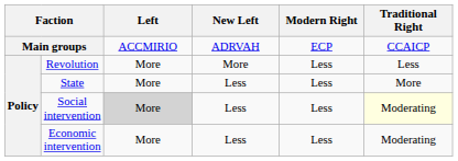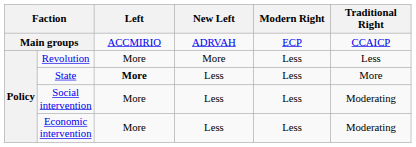 <table class="wikitable" style="text-align:center;">
 <tr>
 <th colspan=2>Faction</th>
 <th width="120px">Left</th>
 <th width="120px">New Left</th>
 <th width="120px">Modern Right</th>
 <th width="120px">Traditional Right</th>
 </tr>
 <tr>
 <th colspan=2>Main groups</th>
 <td><a href='#'>ACC</a><a href='#'>MIRIO</a></td>
 <td><a href='#'>ADRV</a><a href='#'>AH</a></td>
 <td><a href='#'>ECP</a></td>
 <td><a href='#'>CCA</a><a href='#'>ICP</a></td>
 </tr>
 <tr>
 <th rowspan=4>Policy</th>
 <td><a href='#'>Revolution</a></td>
 <td>More</td>
 <td>More</td>
 <td>Less</td>
 <td>Less</td>
 </tr>
 <tr>
 <td><a href='#'>State</a></td>
-<td>More</td>
+<td><strong>More</strong></td>
 <td>Less</td>
 <td>Less</td>
 <td>More</td>
 </tr>
 <tr>
 <td><a href='#'>Social intervention</a></td>
-<td style="background: lightgrey;">More</td>
+<td>More</td>
 <td>Less</td>
 <td>Less</td>
-<td style="background: lightyellow;">Moderating</td>
+<td>Moderating</td>
 </tr>
 <tr>
 <td><a href='#'>Economic intervention</a></td>
 <td>More</td>
 <td>Less</td>
 <td>Less</td>
 <td>Moderating</td>
 </tr>
 </table>
